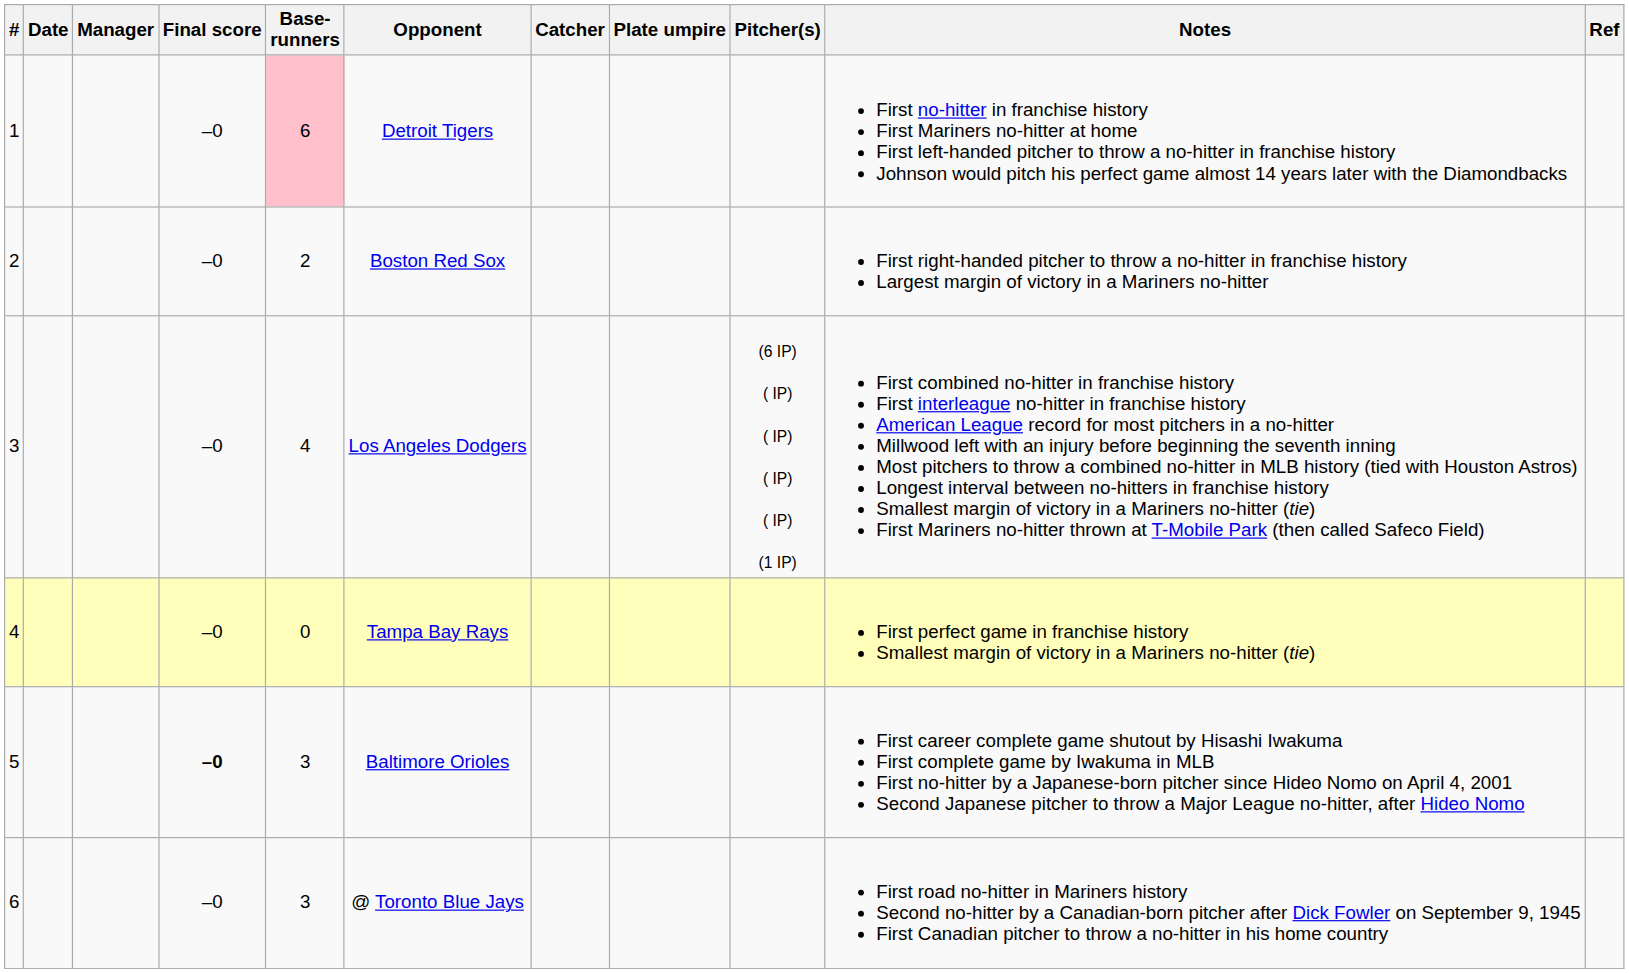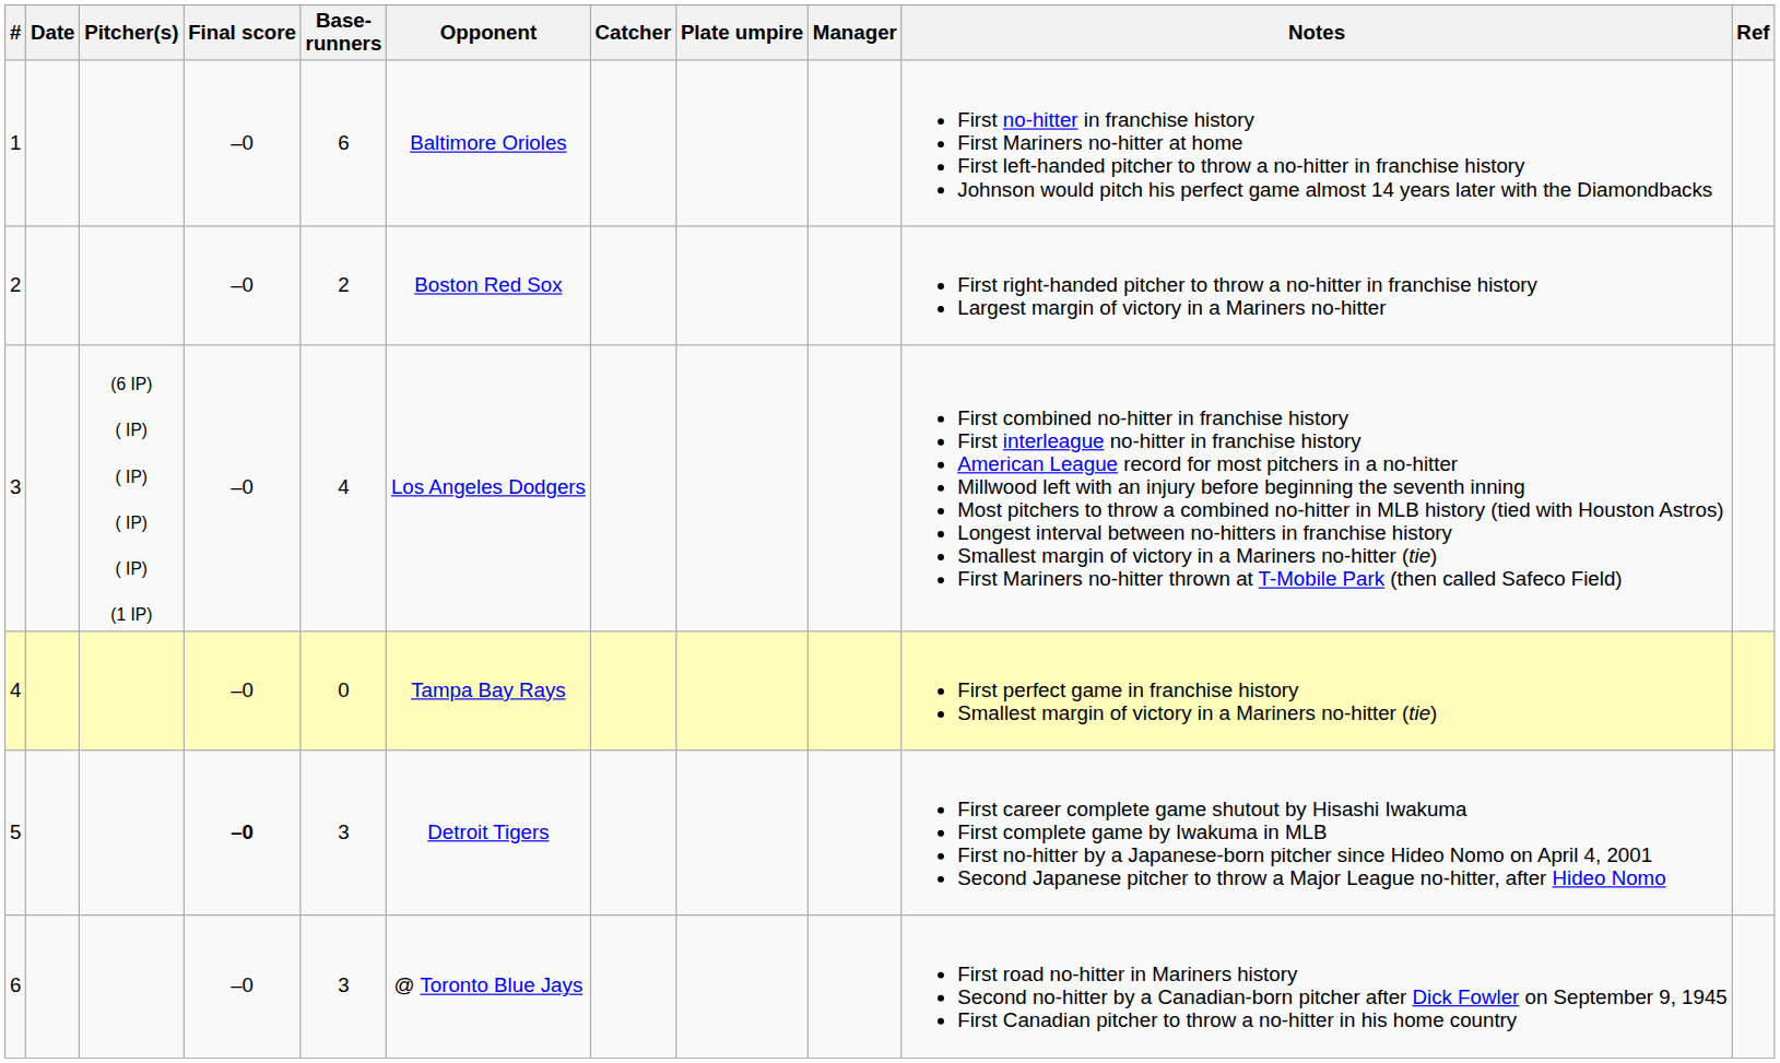 <table class="wikitable sortable" style="text-align:center" border="1">
 <tr>
 <th>#</th>
 <th>Date</th>
-<th>Manager</th>
+<th>Pitcher(s)</th>
 <th>Final score</th>
 <th>Base-<br>runners</th>
 <th>Opponent</th>
 <th>Catcher</th>
 <th>Plate umpire</th>
-<th>Pitcher(s)</th>
+<th>Manager</th>
 <th class="unsortable">Notes</th>
 <th class="unsortable">Ref</th>
 </tr>
 <tr>
 <td>1</td>
 <td></td>
 <td></td>
 <td>–0</td>
-<td style="background: pink;">6</td>
-<td><a href='#'>Detroit Tigers</a></td>
+<td>6</td>
+<td><a href='#'>Baltimore Orioles</a></td>
 <td></td>
 <td></td>
 <td></td>
 <td align="left"><br><ul><li>First <a href='#'>no-hitter</a> in franchise history</li><li>First Mariners no-hitter at home</li><li>First left-handed pitcher to throw a no-hitter in franchise history</li><li>Johnson would pitch his perfect game almost 14 years later with the Diamondbacks</li></ul></td>
 <td></td>
 </tr>
 <tr>
 <td>2</td>
 <td></td>
 <td></td>
 <td>–0</td>
 <td>2</td>
 <td><a href='#'>Boston Red Sox</a></td>
 <td></td>
 <td></td>
 <td></td>
 <td align="left"><br><ul><li>First right-handed pitcher to throw a no-hitter in franchise history</li><li>Largest margin of victory in a Mariners no-hitter</li></ul></td>
 <td></td>
 </tr>
 <tr>
 <td>3</td>
 <td></td>
-<td></td>
+<td><br><small>(6 IP)</small><br><br><small>( IP)</small><br><br><small>( IP)</small><br><br><small>( IP)</small><br><br><small>( IP)</small><br><br><small>(1 IP)</small></td>
 <td>–0</td>
 <td>4</td>
 <td><a href='#'>Los Angeles Dodgers</a></td>
 <td></td>
 <td></td>
-<td><br><small>(6 IP)</small><br><br><small>( IP)</small><br><br><small>( IP)</small><br><br><small>( IP)</small><br><br><small>( IP)</small><br><br><small>(1 IP)</small></td>
+<td></td>
 <td align="left"><br><ul><li>First combined no-hitter in franchise history</li><li>First <a href='#'>interleague</a> no-hitter in franchise history</li><li><a href='#'>American League</a> record for most pitchers in a no-hitter</li><li>Millwood left with an injury before beginning the seventh inning</li><li>Most pitchers to throw a combined no-hitter in MLB history (tied with Houston Astros)</li><li>Longest interval between no-hitters in franchise history</li><li>Smallest margin of victory in a Mariners no-hitter (<em>tie</em>)</li><li>First Mariners no-hitter thrown at <a href='#'>T-Mobile Park</a> (then called Safeco Field)</li></ul></td>
 <td></td>
 </tr>
 <tr bgcolor="#ffffbb">
 <td>4</td>
 <td></td>
 <td></td>
 <td>–0</td>
 <td>0</td>
 <td><a href='#'>Tampa Bay Rays</a></td>
 <td></td>
 <td></td>
 <td></td>
 <td align="left"><br><ul><li>First perfect game in franchise history</li><li>Smallest margin of victory in a Mariners no-hitter (<em>tie</em>)</li></ul></td>
 <td></td>
 </tr>
 <tr>
 <td>5</td>
 <td></td>
 <td></td>
 <td><strong>–0</strong></td>
 <td>3</td>
-<td><a href='#'>Baltimore Orioles</a></td>
+<td><a href='#'>Detroit Tigers</a></td>
 <td></td>
 <td></td>
 <td></td>
 <td align="left"><br><ul><li>First career complete game shutout by Hisashi Iwakuma</li><li>First complete game by Iwakuma in MLB</li><li>First no-hitter by a Japanese-born pitcher since Hideo Nomo on April 4, 2001</li><li>Second Japanese pitcher to throw a Major League no-hitter, after <a href='#'>Hideo Nomo</a></li></ul></td>
 <td></td>
 </tr>
 <tr>
 <td>6</td>
 <td></td>
 <td></td>
 <td>–0</td>
 <td>3</td>
 <td>@ <a href='#'>Toronto Blue Jays</a></td>
 <td></td>
 <td></td>
 <td></td>
 <td align="left"><br><ul><li>First road no-hitter in Mariners history</li><li>Second no-hitter by a Canadian-born pitcher after <a href='#'>Dick Fowler</a> on September 9, 1945</li><li>First Canadian pitcher to throw a no-hitter in his home country</li></ul></td>
 <td></td>
 </tr>
 </table>
